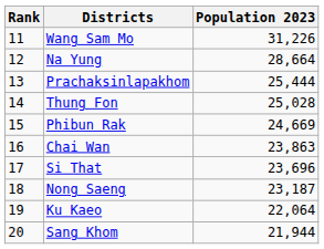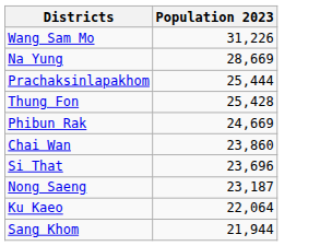 <table class="wikitable" style="text-align:right; margin-right:60px; display:inline-table;">
 <tr>
-<th>Rank</th>
 <th>Districts</th>
 <th>Population 2023</th>
 </tr>
 <tr>
-<td align=left>11</td>
 <td align=left><a href='#'>Wang Sam Mo</a></td>
 <td>31,226</td>
 </tr>
 <tr>
-<td align=left>12</td>
 <td align=left><a href='#'>Na Yung</a></td>
-<td>28,664</td>
+<td>28,669</td>
 </tr>
 <tr>
-<td align=left>13</td>
 <td align=left><a href='#'>Prachaksinlapakhom</a></td>
 <td>25,444</td>
 </tr>
 <tr>
-<td align=left>14</td>
 <td align=left><a href='#'>Thung Fon</a></td>
-<td>25,028</td>
+<td>25,428</td>
 </tr>
 <tr>
-<td align=left>15</td>
 <td align=left><a href='#'>Phibun Rak</a></td>
 <td>24,669</td>
 </tr>
 <tr>
-<td align=left>16</td>
 <td align=left><a href='#'>Chai Wan</a></td>
-<td>23,863</td>
+<td>23,860</td>
 </tr>
 <tr>
-<td align=left>17</td>
 <td align=left><a href='#'>Si That</a></td>
 <td>23,696</td>
 </tr>
 <tr>
-<td align=left>18</td>
 <td align=left><a href='#'>Nong Saeng</a></td>
 <td>23,187</td>
 </tr>
 <tr>
-<td align=left>19</td>
 <td align=left><a href='#'>Ku Kaeo</a></td>
 <td>22,064</td>
 </tr>
 <tr>
-<td align=left>20</td>
 <td align=left><a href='#'>Sang Khom</a></td>
 <td>21,944</td>
 </tr>
 </table>
